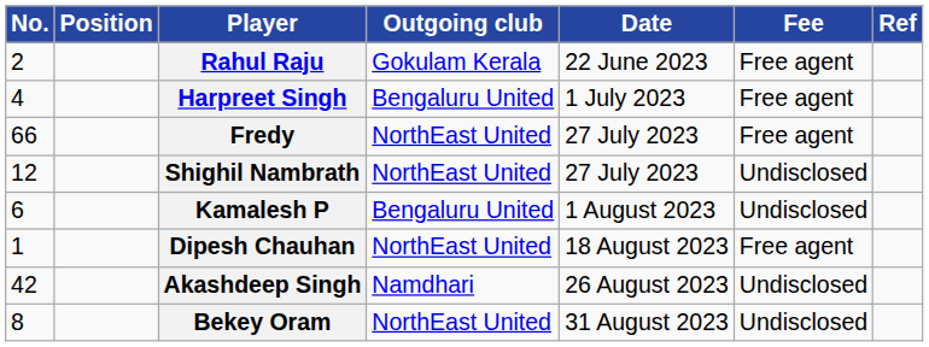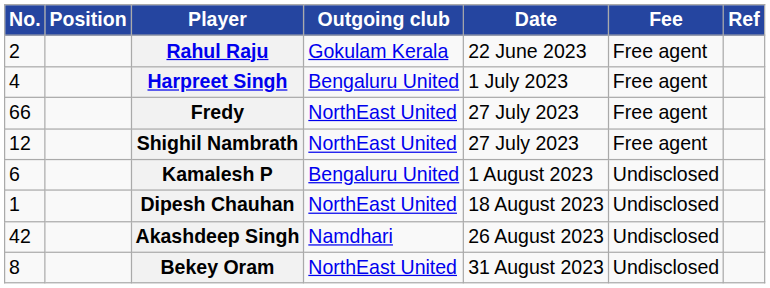 <table class="wikitable plainrowheaders" style="text-align:center; text-align:left">
 <tr>
 <th style="background:#2545A0; color:#FFFFFF; ">No.</th>
 <th scope="col" style="background:#2545A0; color:#FFFFFF; ">Position</th>
 <th scope="col" style="background:#2545A0; color:#FFFFFF; ">Player</th>
 <th scope="col" style="background:#2545A0; color:#FFFFFF; ">Outgoing club</th>
 <th scope="col" style="background:#2545A0; color:#FFFFFF; ">Date</th>
 <th scope="col" style="background:#2545A0; color:#FFFFFF; ">Fee</th>
 <th scope="col" style="background:#2545A0; color:#FFFFFF; ">Ref</th>
 </tr>
 <tr>
 <td>2</td>
 <td></td>
 <th scope="row"> <a href='#'>Rahul Raju</a></th>
 <td>  <a href='#'>Gokulam Kerala</a></td>
 <td>22 June 2023</td>
 <td>Free agent</td>
 <td></td>
 </tr>
 <tr>
 <td>4</td>
 <td></td>
 <th scope="row"> <a href='#'>Harpreet Singh</a></th>
 <td>  <a href='#'>Bengaluru United</a></td>
 <td>1 July 2023</td>
 <td>Free agent</td>
 <td></td>
 </tr>
 <tr>
 <td>66</td>
 <td></td>
 <th scope="row"> Fredy</th>
 <td>  <a href='#'>NorthEast United</a></td>
 <td>27 July 2023</td>
 <td>Free agent</td>
 <td></td>
 </tr>
 <tr>
 <td>12</td>
 <td></td>
 <th scope="row"> Shighil Nambrath</th>
 <td>  <a href='#'>NorthEast United</a></td>
 <td>27 July 2023</td>
-<td>Undisclosed</td>
+<td>Free agent</td>
 <td></td>
 </tr>
 <tr>
 <td>6</td>
 <td></td>
 <th scope="row"> Kamalesh P</th>
 <td>  <a href='#'>Bengaluru United</a></td>
 <td>1 August 2023</td>
 <td>Undisclosed</td>
 <td></td>
 </tr>
 <tr>
 <td>1</td>
 <td></td>
 <th scope="row"> Dipesh Chauhan</th>
 <td>  <a href='#'>NorthEast United</a></td>
 <td>18 August 2023</td>
-<td>Free agent</td>
+<td>Undisclosed</td>
 <td></td>
 </tr>
 <tr>
 <td>42</td>
 <td></td>
 <th scope="row"> Akashdeep Singh</th>
 <td>  <a href='#'>Namdhari</a></td>
 <td>26 August 2023</td>
 <td>Undisclosed</td>
 <td></td>
 </tr>
 <tr>
 <td>8</td>
 <td></td>
 <th scope="row"> Bekey Oram</th>
 <td>  <a href='#'>NorthEast United</a></td>
 <td>31 August 2023</td>
 <td>Undisclosed</td>
 <td></td>
 </tr>
 </table>
